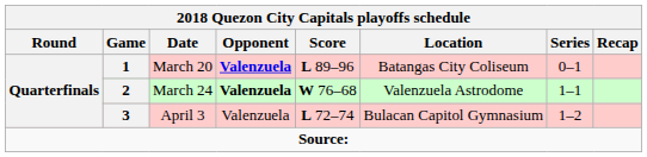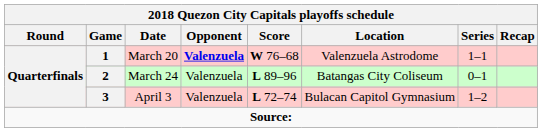 <table class="wikitable" style="text-align:center">
 <tr>
 <th colspan=8>2018 Quezon City Capitals playoffs schedule</th>
 </tr>
 <tr>
 <th>Round</th>
 <th>Game</th>
 <th>Date</th>
 <th>Opponent</th>
 <th>Score</th>
 <th>Location</th>
 <th>Series</th>
 <th>Recap</th>
 </tr>
 <tr style="background:#fcc">
 <th rowspan=3>Quarterfinals</th>
 <th>1</th>
 <td>March 20</td>
 <td><strong><a href='#'>Valenzuela</a></strong></td>
-<td><strong>L</strong> 89–96</td>
-<td>Batangas City Coliseum</td>
-<td>0–1</td>
+<td><strong>W</strong> 76–68</td>
+<td>Valenzuela Astrodome</td>
+<td>1–1</td>
 <td></td>
 </tr>
 <tr style="background:#cfc">
 <th>2</th>
 <td>March 24</td>
-<td><strong>Valenzuela</strong></td>
-<td><strong>W</strong> 76–68</td>
-<td>Valenzuela Astrodome</td>
-<td>1–1</td>
+<td>Valenzuela</td>
+<td><strong>L</strong> 89–96</td>
+<td>Batangas City Coliseum</td>
+<td>0–1</td>
 <td></td>
 </tr>
 <tr style="background:#fcc">
 <th>3</th>
 <td>April 3</td>
 <td>Valenzuela</td>
 <td><strong>L</strong> 72–74</td>
 <td>Bulacan Capitol Gymnasium</td>
 <td>1–2</td>
 <td></td>
 </tr>
 <tr>
 <td colspan=8 align=center><strong>Source: </strong></td>
 </tr>
 </table>
